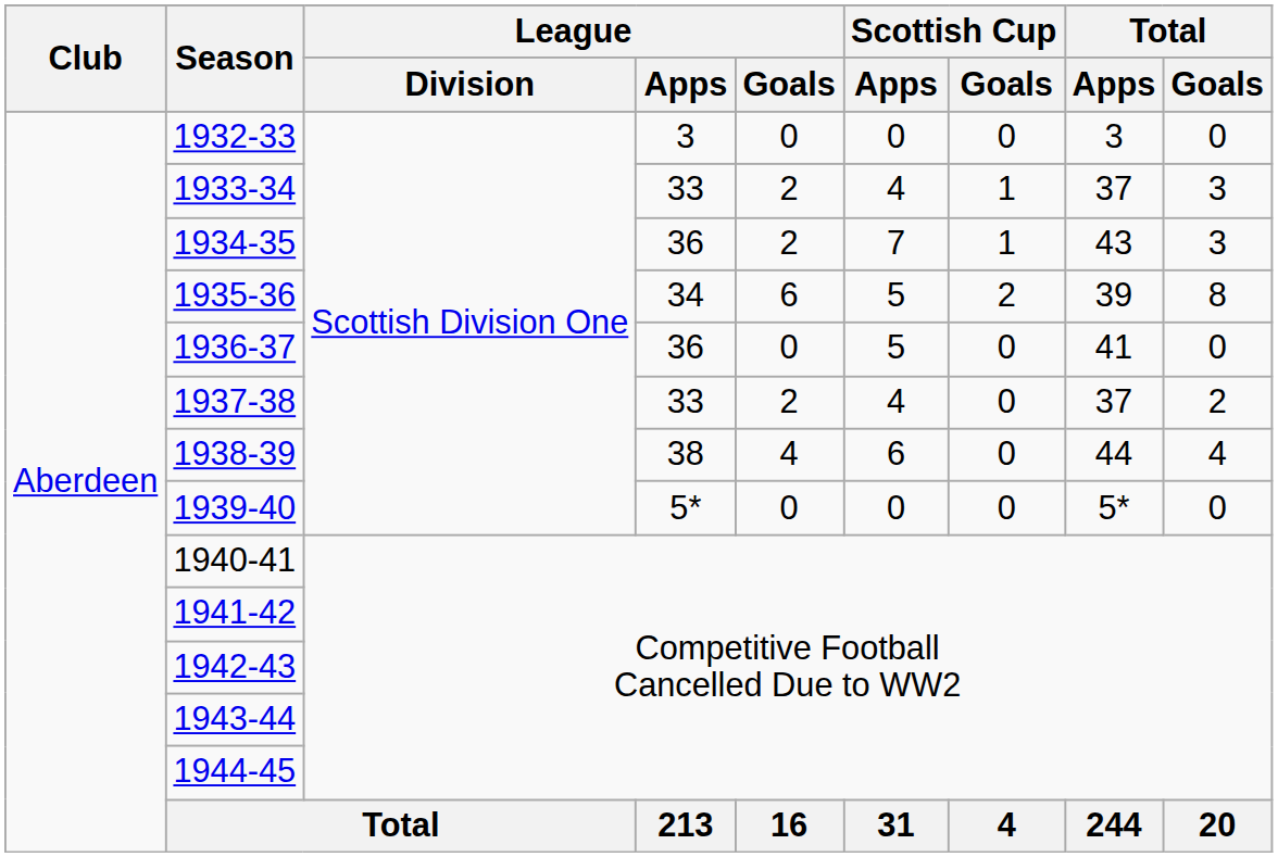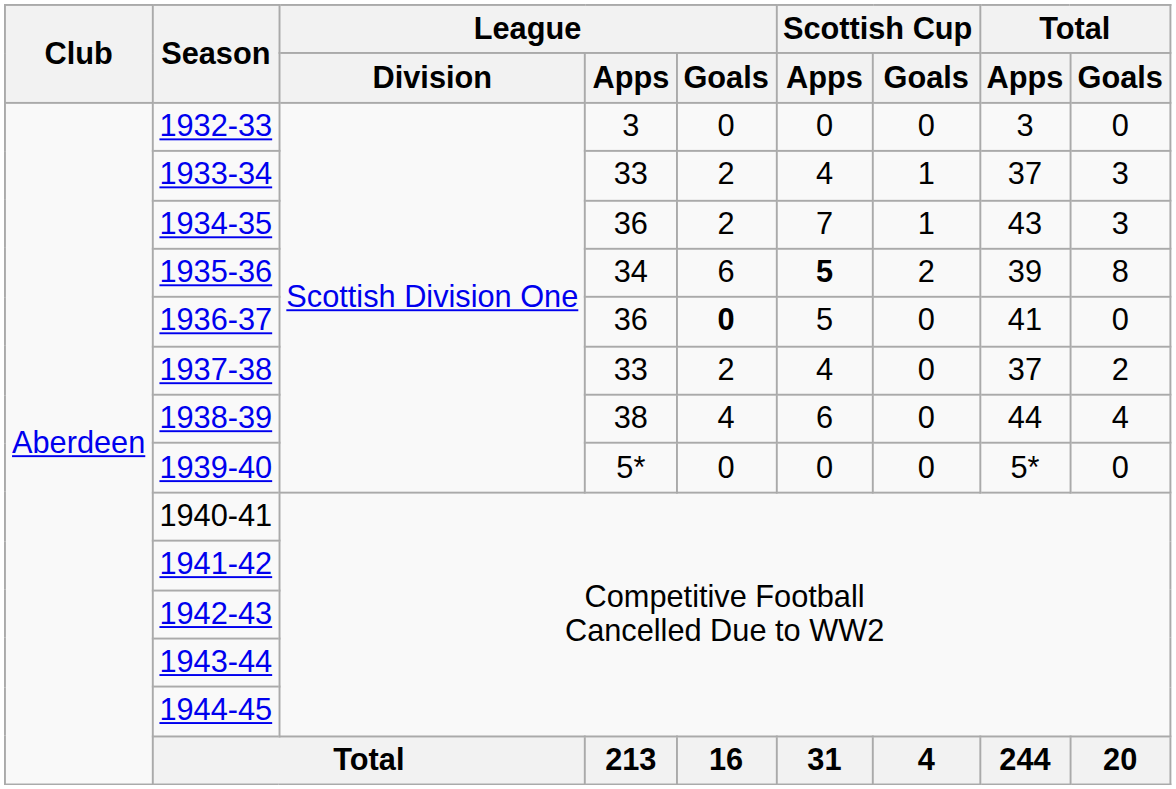 <table class="wikitable" style="text-align:center">
 <tr>
 <th rowspan="2">Club</th>
 <th rowspan="2">Season</th>
 <th colspan="3">League</th>
 <th colspan="2">Scottish Cup</th>
 <th colspan="2">Total</th>
 </tr>
 <tr>
 <th>Division</th>
 <th>Apps</th>
 <th>Goals</th>
 <th>Apps</th>
 <th>Goals</th>
 <th>Apps</th>
 <th>Goals</th>
 </tr>
 <tr>
 <td rowspan="14"><a href='#'>Aberdeen</a></td>
 <td><a href='#'>1932-33</a></td>
 <td rowspan="8"><a href='#'>Scottish Division One</a></td>
 <td>3</td>
 <td>0</td>
 <td>0</td>
 <td>0</td>
 <td>3</td>
 <td>0</td>
 </tr>
 <tr>
 <td><a href='#'>1933-34</a></td>
 <td>33</td>
 <td>2</td>
 <td>4</td>
 <td>1</td>
 <td>37</td>
 <td>3</td>
 </tr>
 <tr>
 <td><a href='#'>1934-35</a></td>
 <td>36</td>
 <td>2</td>
 <td>7</td>
 <td>1</td>
 <td>43</td>
 <td>3</td>
 </tr>
 <tr>
 <td><a href='#'>1935-36</a></td>
 <td>34</td>
 <td>6</td>
-<td>5</td>
+<td><strong>5</strong></td>
 <td>2</td>
 <td>39</td>
 <td>8</td>
 </tr>
 <tr>
 <td><a href='#'>1936-37</a></td>
 <td>36</td>
-<td>0</td>
+<td><strong>0</strong></td>
 <td>5</td>
 <td>0</td>
 <td>41</td>
 <td>0</td>
 </tr>
 <tr>
 <td><a href='#'>1937-38</a></td>
 <td>33</td>
 <td>2</td>
 <td>4</td>
 <td>0</td>
 <td>37</td>
 <td>2</td>
 </tr>
 <tr>
 <td><a href='#'>1938-39</a></td>
 <td>38</td>
 <td>4</td>
 <td>6</td>
 <td>0</td>
 <td>44</td>
 <td>4</td>
 </tr>
 <tr>
 <td><a href='#'>1939-40</a></td>
 <td>5*</td>
 <td>0</td>
 <td>0</td>
 <td>0</td>
 <td>5*</td>
 <td>0</td>
 </tr>
 <tr>
 <td>1940-41</td>
 <td colspan="7" rowspan="5">Competitive Football<br>Cancelled Due to WW2</td>
 </tr>
 <tr>
 <td><a href='#'>1941-42</a></td>
 </tr>
 <tr>
 <td><a href='#'>1942-43</a></td>
 </tr>
 <tr>
 <td><a href='#'>1943-44</a></td>
 </tr>
 <tr>
 <td><a href='#'>1944-45</a></td>
 </tr>
 <tr>
 <th colspan="2">Total</th>
 <th>213</th>
 <th>16</th>
 <th>31</th>
 <th>4</th>
 <th>244</th>
 <th>20</th>
 </tr>
 </table>
